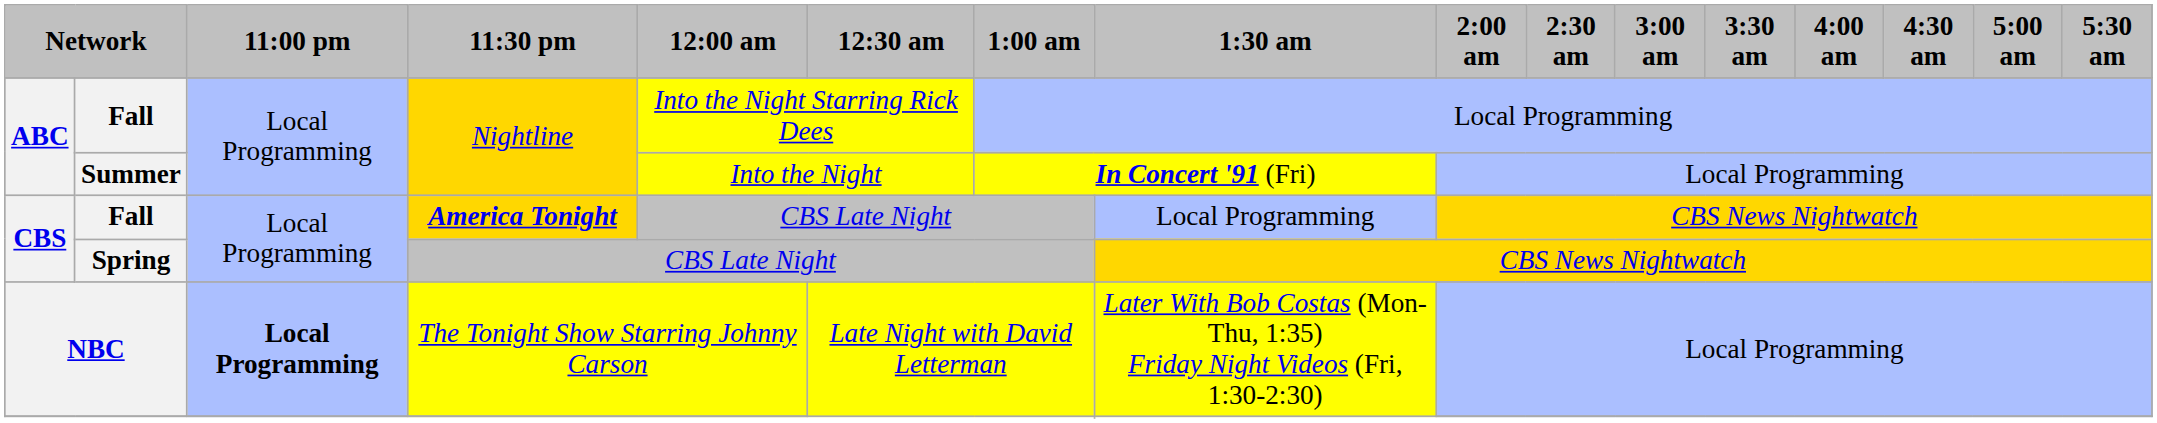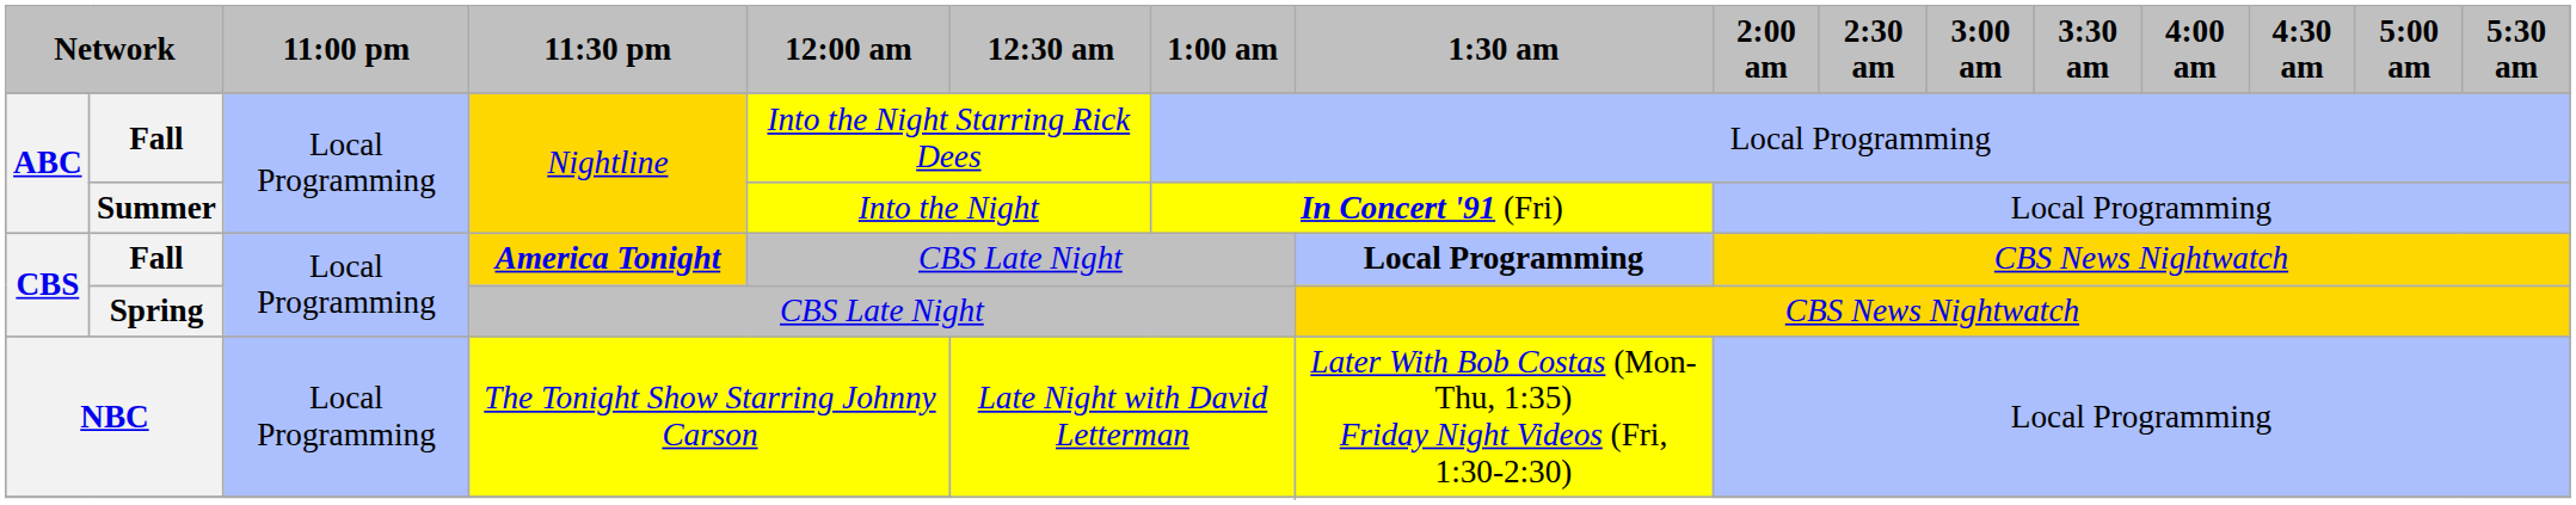 <table class="wikitable" style="width:100%;margin-right:0;text-align:center">
 <tr>
 <th colspan="2" style="background-color:#C0C0C0;text-align:center">Network</th>
 <th style="background-color:#C0C0C0;text-align:center">11:00 pm</th>
 <th style="background-color:#C0C0C0;text-align:center">11:30 pm</th>
 <th style="background-color:#C0C0C0;text-align:center">12:00 am</th>
 <th style="background-color:#C0C0C0;text-align:center">12:30 am</th>
 <th style="background-color:#C0C0C0;text-align:center">1:00 am</th>
 <th style="background-color:#C0C0C0;text-align:center">1:30 am</th>
 <th style="background-color:#C0C0C0;text-align:center">2:00 am</th>
 <th style="background-color:#C0C0C0;text-align:center">2:30 am</th>
 <th style="background-color:#C0C0C0;text-align:center">3:00 am</th>
 <th style="background-color:#C0C0C0;text-align:center">3:30 am</th>
 <th style="background-color:#C0C0C0;text-align:center">4:00 am</th>
 <th style="background-color:#C0C0C0;text-align:center">4:30 am</th>
 <th style="background-color:#C0C0C0;text-align:center">5:00 am</th>
 <th style="background-color:#C0C0C0;text-align:center">5:30 am</th>
 </tr>
 <tr>
 <th colspan="1" rowspan="2"><a href='#'>ABC</a></th>
 <th>Fall</th>
 <td colspan="1" rowspan="2"  style="background:#abbfff">Local Programming</td>
 <td colspan="1" rowspan="2"  style="background:gold"><em><a href='#'>Nightline</a></em></td>
 <td colspan="2" style="background:yellow"><em><a href='#'>Into the Night Starring Rick Dees</a></em></td>
 <td colspan="10" rowspan="1" style="background:#abbfff">Local Programming</td>
 </tr>
 <tr>
 <th>Summer</th>
 <td colspan="2" style="background:yellow"><em><a href='#'>Into the Night</a></em></td>
 <td colspan="2" style="background:yellow"><strong><em><a href='#'>In Concert '91</a></em></strong> (Fri)</td>
 <td colspan="10" rowspan="1" style="background:#abbfff">Local Programming</td>
 </tr>
 <tr>
 <th colspan="1" rowspan="2"><a href='#'>CBS</a></th>
 <th>Fall</th>
 <td colspan="1" rowspan="2" style="background:#abbfff">Local Programming</td>
 <td colspan="1" style="background:gold"><strong><em><a href='#'>America Tonight</a></em></strong></td>
 <td colspan="3" style="background:#C0C0C0"><em><a href='#'>CBS Late Night</a></em></td>
-<td colspan="1" style="background:#abbfff">Local Programming</td>
+<td colspan="1" style="background:#abbfff"><strong>Local Programming</strong></td>
 <td colspan="8" style="background:gold"><em><a href='#'>CBS News Nightwatch</a></em></td>
 </tr>
 <tr>
 <th>Spring</th>
 <td colspan="4" style="background:#C0C0C0"><em><a href='#'>CBS Late Night</a></em></td>
 <td colspan="9" style="background:gold"><em><a href='#'>CBS News Nightwatch</a></em></td>
 </tr>
 <tr>
 <th colspan="2"><a href='#'>NBC</a></th>
-<td colspan="1" style="background:#abbfff"><strong>Local Programming</strong></td>
+<td colspan="1" style="background:#abbfff">Local Programming</td>
 <td colspan="2" style="background:yellow"><em><a href='#'>The Tonight Show Starring Johnny Carson</a></em></td>
 <td colspan="2" rowspan="3" style="background:yellow"><em><a href='#'>Late Night with David Letterman</a></em></td>
 <td colspan="1" rowspan="3" style="background:yellow"><em><a href='#'>Later With Bob Costas</a></em> (Mon-Thu, 1:35) <br> <em><a href='#'>Friday Night Videos</a></em> (Fri, 1:30-2:30)</td>
 <td colspan="8" style="background:#abbfff">Local Programming</td>
 </tr>
 <tr>
 </tr>
 </table>
